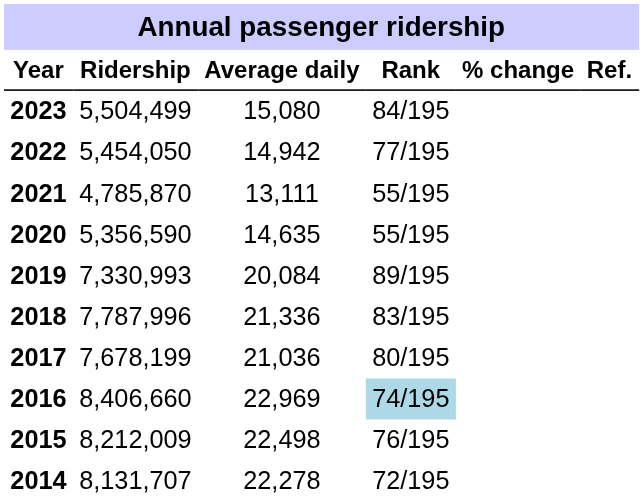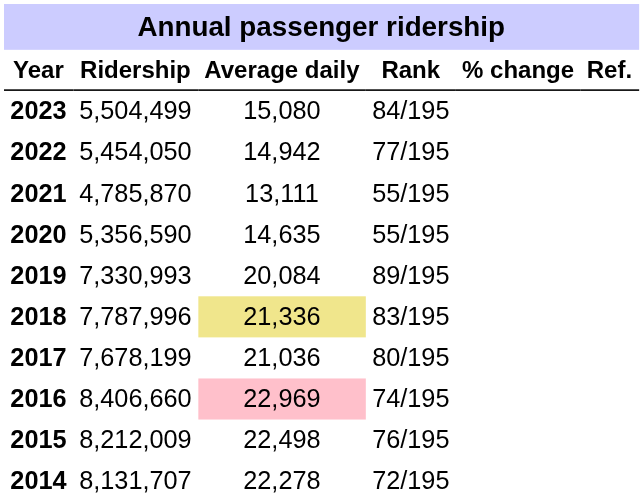 <table class="toccolours" cellpadding="4" cellspacing="0" style="text-align:right;">
 <tr>
 <th colspan="6"  style="background-color:#ccf; background-color:#ccf; font-size:110%; text-align:center;">Annual passenger ridership</th>
 </tr>
 <tr style="font-size:95%; text-align:center">
 <th style="border-bottom:1px solid black">Year</th>
 <th style="border-bottom:1px solid black">Ridership</th>
 <th style="border-bottom:1px solid black">Average daily</th>
 <th style="border-bottom:1px solid black">Rank</th>
 <th style="border-bottom:1px solid black">% change</th>
 <th style="border-bottom:1px solid black">Ref.</th>
 </tr>
 <tr style="text-align:center;">
 <td><strong>2023</strong></td>
 <td>5,504,499</td>
 <td>15,080</td>
 <td>84/195</td>
 <td></td>
 <td></td>
 </tr>
 <tr style="text-align:center;">
 <td><strong>2022</strong></td>
 <td>5,454,050</td>
 <td>14,942</td>
 <td>77/195</td>
 <td></td>
 <td></td>
 </tr>
 <tr style="text-align:center;">
 <td><strong>2021</strong></td>
 <td>4,785,870</td>
 <td>13,111</td>
 <td>55/195</td>
 <td></td>
 <td></td>
 </tr>
 <tr style="text-align:center;">
 <td><strong>2020</strong></td>
 <td>5,356,590</td>
 <td>14,635</td>
 <td>55/195</td>
 <td></td>
 <td></td>
 </tr>
 <tr style="text-align:center;">
 <td><strong>2019</strong></td>
 <td>7,330,993</td>
 <td>20,084</td>
 <td>89/195</td>
 <td></td>
 <td></td>
 </tr>
 <tr style="text-align:center;">
 <td><strong>2018</strong></td>
 <td>7,787,996</td>
-<td>21,336</td>
+<td style="background: khaki;">21,336</td>
 <td>83/195</td>
 <td></td>
 <td></td>
 </tr>
 <tr style="text-align:center;">
 <td><strong>2017</strong></td>
 <td>7,678,199</td>
 <td>21,036</td>
 <td>80/195</td>
 <td></td>
 <td></td>
 </tr>
 <tr style="text-align:center;">
 <td><strong>2016</strong></td>
 <td>8,406,660</td>
-<td>22,969</td>
-<td style="background: lightblue;">74/195</td>
+<td style="background: pink;">22,969</td>
+<td>74/195</td>
 <td></td>
 <td></td>
 </tr>
 <tr style="text-align:center;">
 <td><strong>2015</strong></td>
 <td>8,212,009</td>
 <td>22,498</td>
 <td>76/195</td>
 <td></td>
 <td></td>
 </tr>
 <tr style="text-align:center;">
 <td><strong>2014</strong></td>
 <td>8,131,707</td>
 <td>22,278</td>
 <td>72/195</td>
 <td></td>
 <td></td>
 </tr>
 </table>
